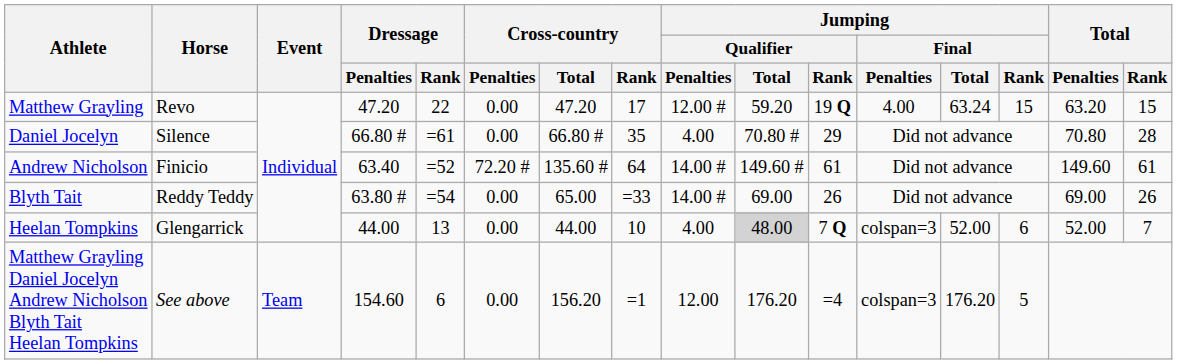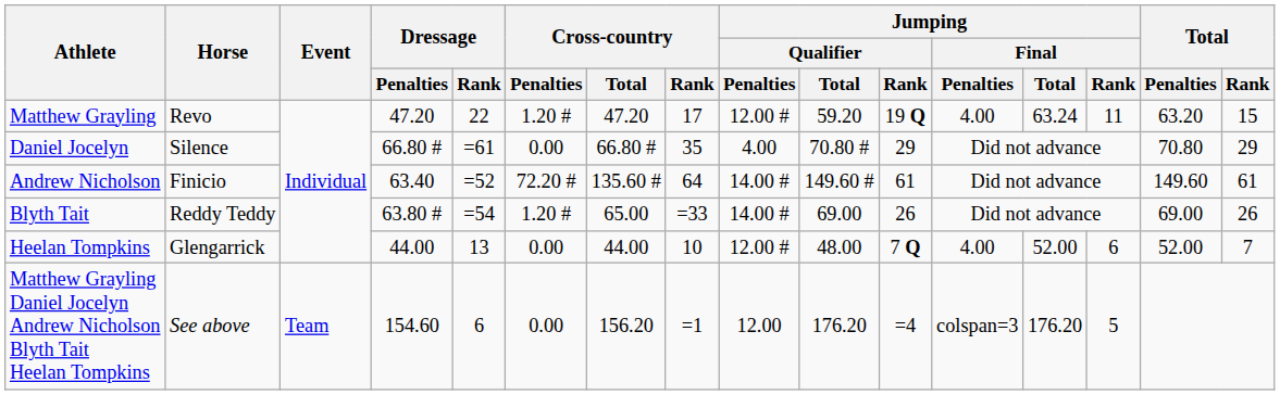 <table class=wikitable style="font-size:90%">
 <tr>
 <th rowspan="3">Athlete</th>
 <th rowspan="3">Horse</th>
 <th rowspan="3">Event</th>
 <th colspan="2" rowspan="2">Dressage</th>
 <th colspan="3" rowspan="2">Cross-country</th>
 <th colspan="6">Jumping</th>
 <th colspan="2" rowspan="2">Total</th>
 </tr>
 <tr style="font-size:95%">
 <th colspan="3">Qualifier</th>
 <th colspan="3">Final</th>
 </tr>
 <tr style="font-size:95%">
 <th>Penalties</th>
 <th>Rank</th>
 <th>Penalties</th>
 <th>Total</th>
 <th>Rank</th>
 <th>Penalties</th>
 <th>Total</th>
 <th>Rank</th>
 <th>Penalties</th>
 <th>Total</th>
 <th>Rank</th>
 <th>Penalties</th>
 <th>Rank</th>
 </tr>
 <tr align=center>
 <td align=left><a href='#'>Matthew Grayling</a></td>
 <td align=left>Revo</td>
 <td align=left rowspan=5><a href='#'>Individual</a></td>
 <td>47.20</td>
 <td>22</td>
-<td>0.00</td>
+<td>1.20 #</td>
 <td>47.20</td>
 <td>17</td>
 <td>12.00 #</td>
 <td>59.20</td>
 <td>19 <strong>Q</strong></td>
 <td>4.00</td>
 <td>63.24</td>
-<td>15</td>
+<td>11</td>
 <td>63.20</td>
 <td>15</td>
 </tr>
 <tr align=center>
 <td align=left><a href='#'>Daniel Jocelyn</a></td>
 <td align=left>Silence</td>
 <td>66.80 #</td>
 <td>=61</td>
 <td>0.00</td>
 <td>66.80 #</td>
 <td>35</td>
 <td>4.00</td>
 <td>70.80 #</td>
 <td>29</td>
 <td colspan=3>Did not advance</td>
 <td>70.80</td>
-<td>28</td>
+<td>29</td>
 </tr>
 <tr align=center>
 <td align=left><a href='#'>Andrew Nicholson</a></td>
 <td align=left>Finicio</td>
 <td>63.40</td>
 <td>=52</td>
 <td>72.20 #</td>
 <td>135.60 #</td>
 <td>64</td>
 <td>14.00 #</td>
 <td>149.60 #</td>
 <td>61</td>
 <td colspan=3>Did not advance</td>
 <td>149.60</td>
 <td>61</td>
 </tr>
 <tr align=center>
 <td align=left><a href='#'>Blyth Tait</a></td>
 <td align=left>Reddy Teddy</td>
 <td>63.80 #</td>
 <td>=54</td>
-<td>0.00</td>
+<td>1.20 #</td>
 <td>65.00</td>
 <td>=33</td>
 <td>14.00 #</td>
 <td>69.00</td>
 <td>26</td>
 <td colspan=3>Did not advance</td>
 <td>69.00</td>
 <td>26</td>
 </tr>
 <tr align=center>
 <td align=left><a href='#'>Heelan Tompkins</a></td>
 <td align=left>Glengarrick</td>
 <td>44.00</td>
 <td>13</td>
 <td>0.00</td>
 <td>44.00</td>
 <td>10</td>
+<td>12.00 #</td>
+<td>48.00</td>
+<td>7 <strong>Q</strong></td>
 <td>4.00</td>
-<td style="background: lightgrey;">48.00</td>
-<td>7 <strong>Q</strong></td>
-<td>colspan=3 </td>
 <td>52.00</td>
 <td>6</td>
 <td>52.00</td>
 <td>7</td>
 </tr>
 <tr align=center>
 <td align=left><a href='#'>Matthew Grayling</a><br><a href='#'>Daniel Jocelyn</a><br><a href='#'>Andrew Nicholson</a><br><a href='#'>Blyth Tait</a><br><a href='#'>Heelan Tompkins</a></td>
 <td align=left><em>See above</em></td>
 <td align=left><a href='#'>Team</a></td>
 <td>154.60</td>
 <td>6</td>
 <td>0.00</td>
 <td>156.20</td>
 <td>=1</td>
 <td>12.00</td>
 <td>176.20</td>
 <td>=4</td>
 <td>colspan=3 </td>
 <td>176.20</td>
 <td>5</td>
 </tr>
 </table>
